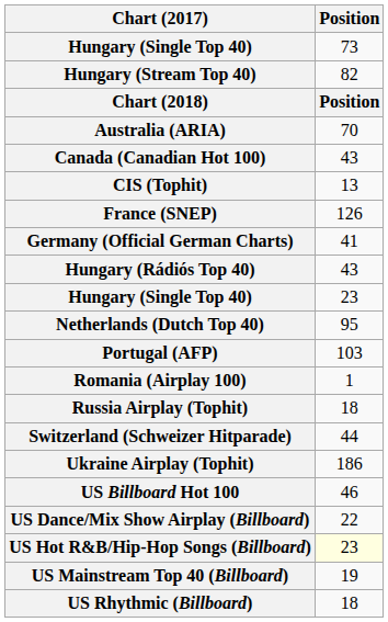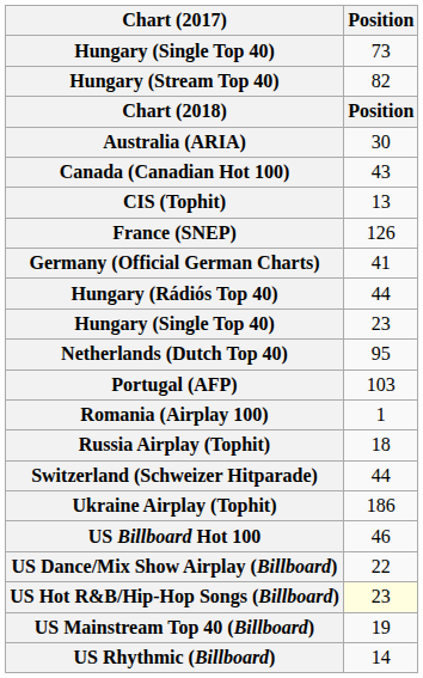 <table class="wikitable plainrowheaders sortable" style="text-align:center">
 <tr>
 <th scope="col">Chart (2017)</th>
 <th scope="col">Position</th>
 </tr>
 <tr>
 <th scope="row">Hungary (Single Top 40)</th>
 <td>73</td>
 </tr>
 <tr>
 <th scope="row">Hungary (Stream Top 40)</th>
 <td>82</td>
 </tr>
 <tr>
 <th scope="col">Chart (2018)</th>
 <th scope="col">Position</th>
 </tr>
 <tr>
 <th scope="row">Australia (ARIA)</th>
-<td>70</td>
+<td>30</td>
 </tr>
 <tr>
 <th scope="row">Canada (Canadian Hot 100)</th>
 <td>43</td>
 </tr>
 <tr>
 <th scope="row">CIS (Tophit)</th>
 <td style="text-align:center;">13</td>
 </tr>
 <tr>
 <th scope="row">France (SNEP)</th>
 <td>126</td>
 </tr>
 <tr>
 <th scope="row">Germany (Official German Charts)</th>
 <td>41</td>
 </tr>
 <tr>
 <th scope="row">Hungary (Rádiós Top 40)</th>
-<td>43</td>
+<td>44</td>
 </tr>
 <tr>
 <th scope="row">Hungary (Single Top 40)</th>
 <td>23</td>
 </tr>
 <tr>
 <th scope="row">Netherlands (Dutch Top 40)</th>
 <td>95</td>
 </tr>
 <tr>
 <th scope="row">Portugal (AFP)</th>
 <td>103</td>
 </tr>
 <tr>
 <th scope="row">Romania (Airplay 100)</th>
 <td>1</td>
 </tr>
 <tr>
 <th scope="row">Russia Airplay (Tophit)</th>
 <td style="text-align:center;">18</td>
 </tr>
 <tr>
 <th scope="row">Switzerland (Schweizer Hitparade)</th>
 <td>44</td>
 </tr>
 <tr>
 <th scope="row">Ukraine Airplay (Tophit)</th>
 <td style="text-align:center;">186</td>
 </tr>
 <tr>
 <th scope="row">US <em>Billboard</em> Hot 100</th>
 <td>46</td>
 </tr>
 <tr>
 <th scope="row">US Dance/Mix Show Airplay (<em>Billboard</em>)</th>
 <td>22</td>
 </tr>
 <tr>
 <th scope="row">US Hot R&B/Hip-Hop Songs (<em>Billboard</em>)</th>
 <td style="background: lightyellow;">23</td>
 </tr>
 <tr>
 <th scope="row">US Mainstream Top 40 (<em>Billboard</em>)</th>
 <td>19</td>
 </tr>
 <tr>
 <th scope="row">US Rhythmic (<em>Billboard</em>)</th>
-<td>18</td>
+<td>14</td>
 </tr>
 </table>
